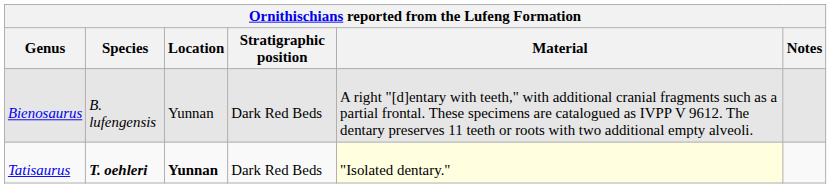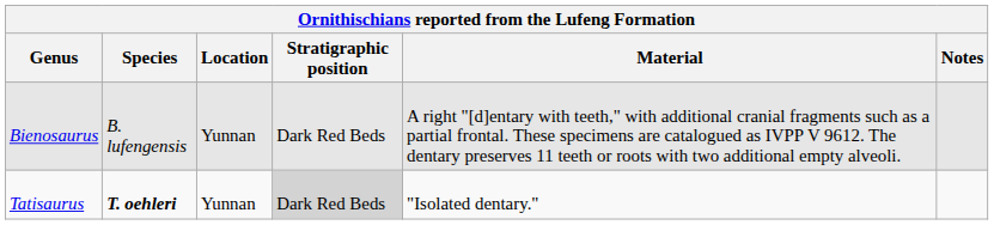 <table class="wikitable"  style="margin:auto; width:100%;">
 <tr>
 <th colspan="7" style="text-align:center;"><a href='#'>Ornithischians</a> reported from the Lufeng Formation</th>
 </tr>
 <tr>
 <th>Genus</th>
 <th>Species</th>
 <th>Location</th>
 <th>Stratigraphic position</th>
 <th>Material</th>
 <th>Notes<br></th>
 </tr>
 <tr>
 <td style="background:#E6E6E6;"><br><em><a href='#'>Bienosaurus</a></em></td>
 <td style="background:#E6E6E6;"><br><em>B. lufengensis</em></td>
 <td style="background:#E6E6E6;"><br>Yunnan</td>
 <td style="background:#E6E6E6;"><br>Dark Red Beds</td>
 <td style="background:#E6E6E6;"><br>A right "[d]entary with teeth," with additional cranial fragments such as a partial frontal. These specimens are catalogued as IVPP V 9612. The dentary preserves 11 teeth or roots with two additional empty alveoli.</td>
 <td style="background:#E6E6E6;"><br></td>
 </tr>
 <tr>
 <td><br><em><a href='#'>Tatisaurus</a></em></td>
 <td><strong><br><em>T. oehleri</em></strong></td>
-<td><strong><br>Yunnan</strong></td>
-<td><br>Dark Red Beds</td>
-<td style="background: lightyellow;"><br>"Isolated dentary."</td>
+<td><br>Yunnan</td>
+<td style="background: lightgrey;"><br>Dark Red Beds</td>
+<td><br>"Isolated dentary."</td>
 <td></td>
 </tr>
 </table>
